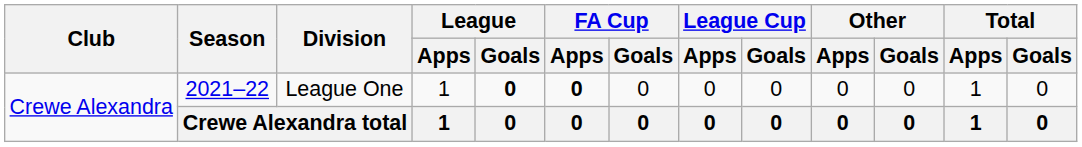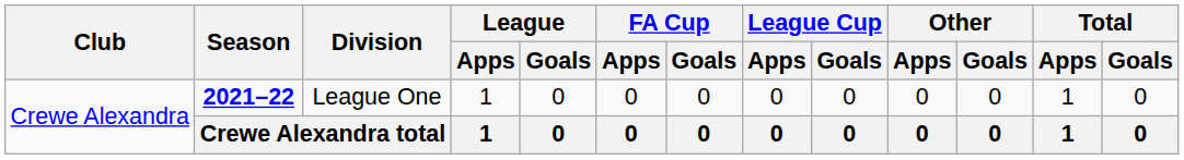 <table class="wikitable" style="text-align:center;">
 <tr>
 <th rowspan="2">Club</th>
 <th rowspan="2">Season</th>
 <th rowspan="2">Division</th>
 <th colspan="2">League</th>
 <th colspan="2"><a href='#'>FA Cup</a></th>
 <th colspan="2"><a href='#'>League Cup</a></th>
 <th colspan="2">Other</th>
 <th colspan="2">Total</th>
 </tr>
 <tr>
 <th>Apps</th>
 <th>Goals</th>
 <th>Apps</th>
 <th>Goals</th>
 <th>Apps</th>
 <th>Goals</th>
 <th>Apps</th>
 <th>Goals</th>
 <th>Apps</th>
 <th>Goals</th>
 </tr>
 <tr>
 <td rowspan="2"><a href='#'>Crewe Alexandra</a></td>
-<td><a href='#'>2021–22</a></td>
+<td><strong><a href='#'>2021–22</a></strong></td>
 <td>League One</td>
 <td>1</td>
-<td><strong>0</strong></td>
-<td><strong>0</strong></td>
+<td>0</td>
+<td>0</td>
 <td>0</td>
 <td>0</td>
 <td>0</td>
 <td>0</td>
 <td>0</td>
 <td>1</td>
 <td>0</td>
 </tr>
 <tr>
 <th colspan="2">Crewe Alexandra total</th>
 <th>1</th>
 <th>0</th>
 <th>0</th>
 <th>0</th>
 <th>0</th>
 <th>0</th>
 <th>0</th>
 <th>0</th>
 <th>1</th>
 <th>0</th>
 </tr>
 </table>
